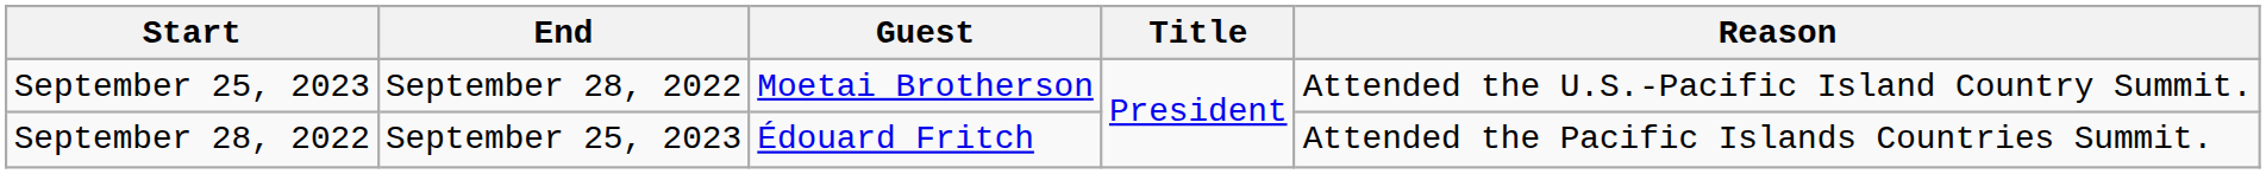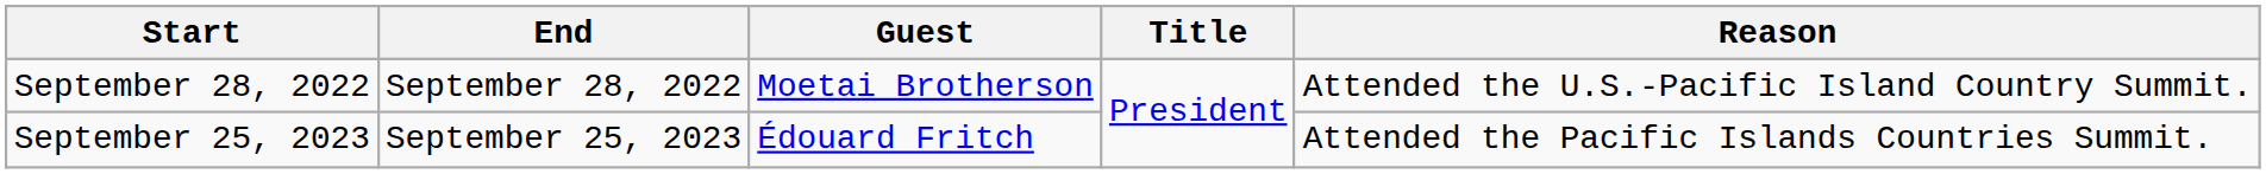 <table class="wikitable sortable">
 <tr>
 <th>Start</th>
 <th>End</th>
 <th>Guest</th>
 <th>Title</th>
 <th>Reason</th>
 </tr>
 <tr>
-<td>September 25, 2023</td>
+<td>September 28, 2022</td>
 <td>September 28, 2022</td>
 <td><a href='#'>Moetai Brotherson</a></td>
 <td rowspan=2><a href='#'>President</a></td>
 <td>Attended the U.S.-Pacific Island Country Summit.</td>
 </tr>
 <tr>
-<td>September 28, 2022</td>
+<td>September 25, 2023</td>
 <td>September 25, 2023</td>
 <td><a href='#'>Édouard Fritch</a></td>
 <td>Attended the Pacific Islands Countries Summit.</td>
 </tr>
 </table>
